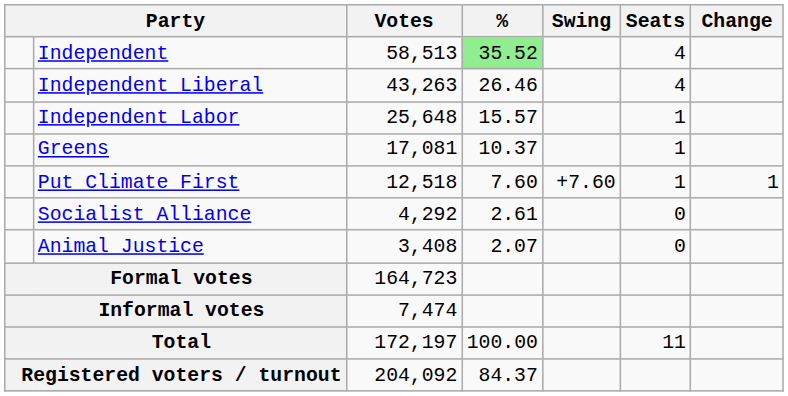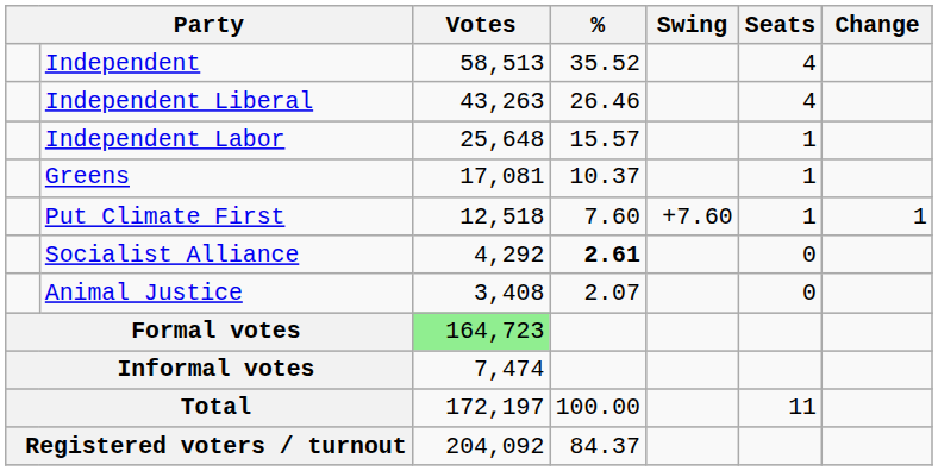 <table class="wikitable" style="text-align:right; margin-bottom:0">
 <tr>
 <th style="width:10px" colspan=3>Party</th>
 <th style="width:70px;">Votes</th>
 <th style="width:40px;">%</th>
 <th style="width:40px;">Swing</th>
 <th style="width:40px;">Seats</th>
 <th style="width:40px;">Change</th>
 </tr>
 <tr>
 <td> </td>
 <td style="text-align:left;" colspan="2"><a href='#'>Independent</a></td>
 <td style="width:70px;">58,513</td>
-<td style="background: lightgreen; width:40px;">35.52</td>
+<td style="width:40px;">35.52</td>
 <td style="width:45px;"></td>
 <td style="width:40px;">4</td>
 <td style="width:55px;"></td>
 </tr>
 <tr>
 <td> </td>
 <td style="text-align:left;" colspan="2"><a href='#'>Independent Liberal</a></td>
 <td style="width:70px;">43,263</td>
 <td style="width:40px;">26.46</td>
 <td style="width:45px;"></td>
 <td style="width:40px;">4</td>
 <td style="width:55px;"></td>
 </tr>
 <tr>
 <td> </td>
 <td style="text-align:left;" colspan="2"><a href='#'>Independent Labor</a></td>
 <td style="width:70px;">25,648</td>
 <td style="width:40px;">15.57</td>
 <td style="width:45px;"></td>
 <td style="width:40px;">1</td>
 <td style="width:55px;"></td>
 </tr>
 <tr>
 <td> </td>
 <td style="text-align:left;" colspan="2"><a href='#'>Greens</a></td>
 <td style="width:70px;">17,081</td>
 <td style="width:40px;">10.37</td>
 <td style="width:45px;"></td>
 <td style="width:40px;">1</td>
 <td style="width:55px;"></td>
 </tr>
 <tr>
 <td> </td>
 <td style="text-align:left;" colspan="2"><a href='#'>Put Climate First</a></td>
 <td style="width:70px;">12,518</td>
 <td style="width:40px;">7.60</td>
 <td style="width:45px;">+7.60</td>
 <td style="width:40px;">1</td>
 <td style="width:55px;"> 1</td>
 </tr>
 <tr>
 <td> </td>
 <td style="text-align:left;" colspan="2"><a href='#'>Socialist Alliance</a></td>
 <td style="width:70px;">4,292</td>
-<td style="width:40px;">2.61</td>
+<td style="width:40px;"><strong>2.61</strong></td>
 <td style="width:45px;"></td>
 <td style="width:40px;">0</td>
 <td style="width:55px;"></td>
 </tr>
 <tr>
 <td> </td>
 <td style="text-align:left;" colspan="2"><a href='#'>Animal Justice</a></td>
 <td style="width:70px;">3,408</td>
 <td style="width:40px;">2.07</td>
 <td style="width:45px;"></td>
 <td style="width:40px;">0</td>
 <td style="width:55px;"></td>
 </tr>
 <tr>
 <th colspan="3" rowspan="1"> Formal votes</th>
-<td>164,723</td>
+<td style="background: lightgreen;">164,723</td>
 <td></td>
 <td></td>
 <td></td>
 <td></td>
 </tr>
 <tr>
 <th colspan="3" rowspan="1"> Informal votes</th>
 <td>7,474</td>
 <td></td>
 <td></td>
 <td></td>
 <td></td>
 </tr>
 <tr>
 <th colspan="3" rowspan="1"> <strong>Total </strong></th>
 <td>172,197</td>
 <td>100.00</td>
 <td></td>
 <td>11</td>
 <td></td>
 </tr>
 <tr>
 <th colspan="3" rowspan="1"> Registered voters / turnout</th>
 <td>204,092</td>
 <td>84.37</td>
 <td></td>
 <td></td>
 <td></td>
 </tr>
 </table>
